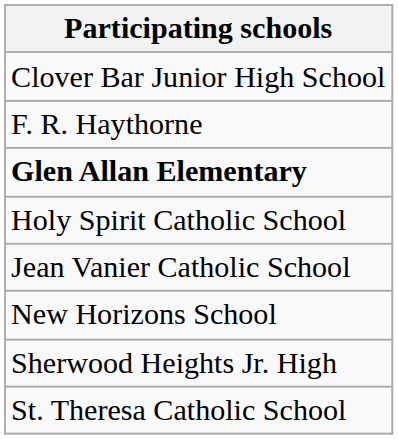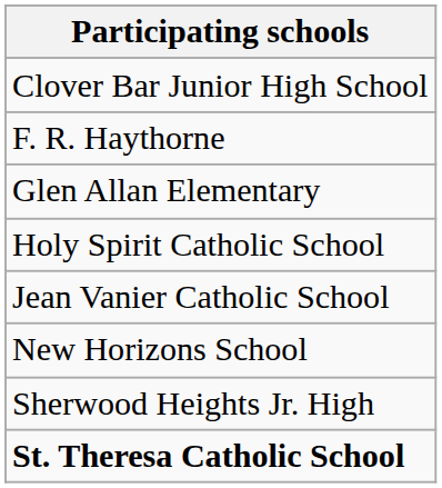 <table class="wikitable" align=right>
 <tr>
 <th>Participating schools</th>
 </tr>
 <tr>
 <td>Clover Bar Junior High School</td>
 </tr>
 <tr>
 <td>F. R. Haythorne</td>
 </tr>
 <tr>
-<td><strong>Glen Allan Elementary</strong></td>
+<td>Glen Allan Elementary</td>
 </tr>
 <tr>
 <td>Holy Spirit Catholic School</td>
 </tr>
 <tr>
 <td>Jean Vanier Catholic School</td>
 </tr>
 <tr>
 <td>New Horizons School</td>
 </tr>
 <tr>
 <td>Sherwood Heights Jr. High</td>
 </tr>
 <tr>
-<td>St. Theresa Catholic School</td>
+<td><strong>St. Theresa Catholic School</strong></td>
 </tr>
 </table>
